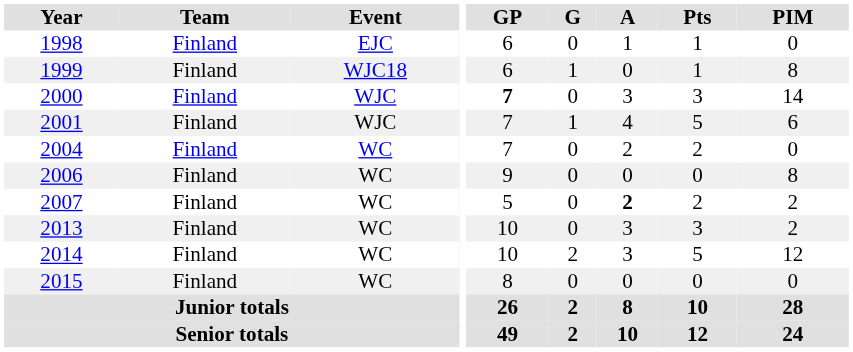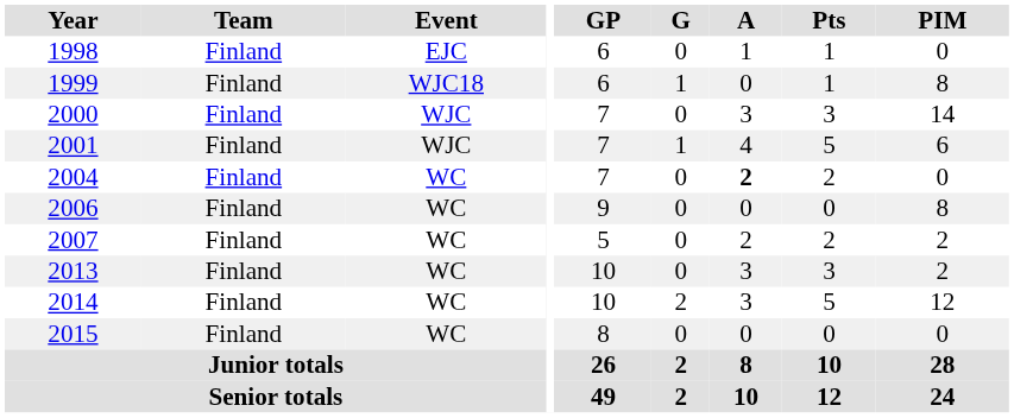 <table border="0" cellpadding="1" cellspacing="0" ID="Table3" style="text-align:center; width:40em">
 <tr ALIGN="center" bgcolor="#e0e0e0">
 <th>Year</th>
 <th>Team</th>
 <th>Event</th>
 <th rowspan="99" bgcolor="#ffffff"></th>
 <th>GP</th>
 <th>G</th>
 <th>A</th>
 <th>Pts</th>
 <th>PIM</th>
 </tr>
 <tr>
 <td><a href='#'>1998</a></td>
 <td><a href='#'>Finland</a></td>
 <td><a href='#'>EJC</a></td>
 <td>6</td>
 <td>0</td>
 <td>1</td>
 <td>1</td>
 <td>0</td>
 </tr>
 <tr bgcolor="#f0f0f0">
 <td><a href='#'>1999</a></td>
 <td>Finland</td>
 <td><a href='#'>WJC18</a></td>
 <td>6</td>
 <td>1</td>
 <td>0</td>
 <td>1</td>
 <td>8</td>
 </tr>
 <tr>
 <td><a href='#'>2000</a></td>
 <td><a href='#'>Finland</a></td>
 <td><a href='#'>WJC</a></td>
-<td><strong>7</strong></td>
+<td>7</td>
 <td>0</td>
 <td>3</td>
 <td>3</td>
 <td>14</td>
 </tr>
 <tr bgcolor="#f0f0f0">
 <td><a href='#'>2001</a></td>
 <td>Finland</td>
 <td>WJC</td>
 <td>7</td>
 <td>1</td>
 <td>4</td>
 <td>5</td>
 <td>6</td>
 </tr>
 <tr>
 <td><a href='#'>2004</a></td>
 <td><a href='#'>Finland</a></td>
 <td><a href='#'>WC</a></td>
 <td>7</td>
 <td>0</td>
-<td>2</td>
+<td><strong>2</strong></td>
 <td>2</td>
 <td>0</td>
 </tr>
 <tr bgcolor="#f0f0f0">
 <td><a href='#'>2006</a></td>
 <td>Finland</td>
 <td>WC</td>
 <td>9</td>
 <td>0</td>
 <td>0</td>
 <td>0</td>
 <td>8</td>
 </tr>
 <tr>
 <td><a href='#'>2007</a></td>
 <td>Finland</td>
 <td>WC</td>
 <td>5</td>
 <td>0</td>
-<td><strong>2</strong></td>
+<td>2</td>
 <td>2</td>
 <td>2</td>
 </tr>
 <tr bgcolor="#f0f0f0">
 <td><a href='#'>2013</a></td>
 <td>Finland</td>
 <td>WC</td>
 <td>10</td>
 <td>0</td>
 <td>3</td>
 <td>3</td>
 <td>2</td>
 </tr>
 <tr>
 <td><a href='#'>2014</a></td>
 <td>Finland</td>
 <td>WC</td>
 <td>10</td>
 <td>2</td>
 <td>3</td>
 <td>5</td>
 <td>12</td>
 </tr>
 <tr bgcolor="#f0f0f0">
 <td><a href='#'>2015</a></td>
 <td>Finland</td>
 <td>WC</td>
 <td>8</td>
 <td>0</td>
 <td>0</td>
 <td>0</td>
 <td>0</td>
 </tr>
 <tr bgcolor="#e0e0e0">
 <th colspan="3">Junior totals</th>
 <th>26</th>
 <th>2</th>
 <th>8</th>
 <th>10</th>
 <th>28</th>
 </tr>
 <tr bgcolor="#e0e0e0">
 <th colspan="3">Senior totals</th>
 <th>49</th>
 <th>2</th>
 <th>10</th>
 <th>12</th>
 <th>24</th>
 </tr>
 </table>
